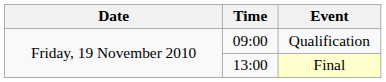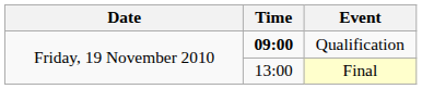 <table class = "wikitable" style="text-align:center;">
 <tr>
 <th width=220>Date</th>
 <th width=50>Time</th>
 <th width=100>Event</th>
 </tr>
 <tr>
 <td rowspan=2>Friday, 19 November 2010</td>
-<td>09:00</td>
+<td><strong>09:00</strong></td>
 <td>Qualification</td>
 </tr>
 <tr>
 <td>13:00</td>
 <td bgcolor=ffffcc>Final</td>
 </tr>
 </table>
